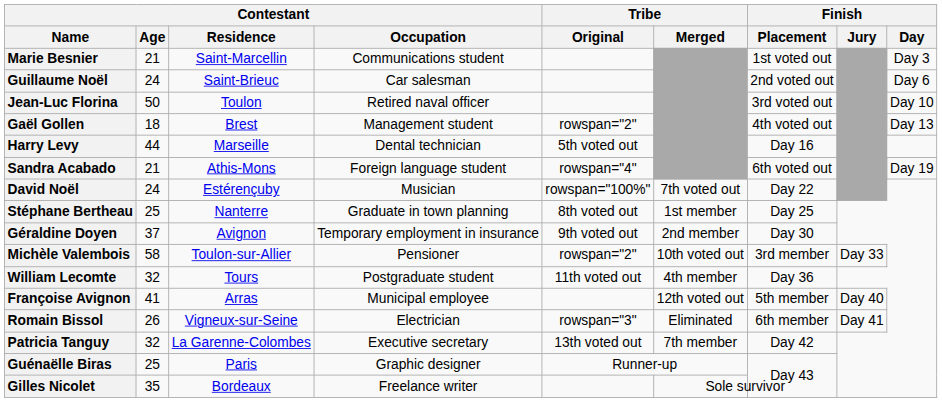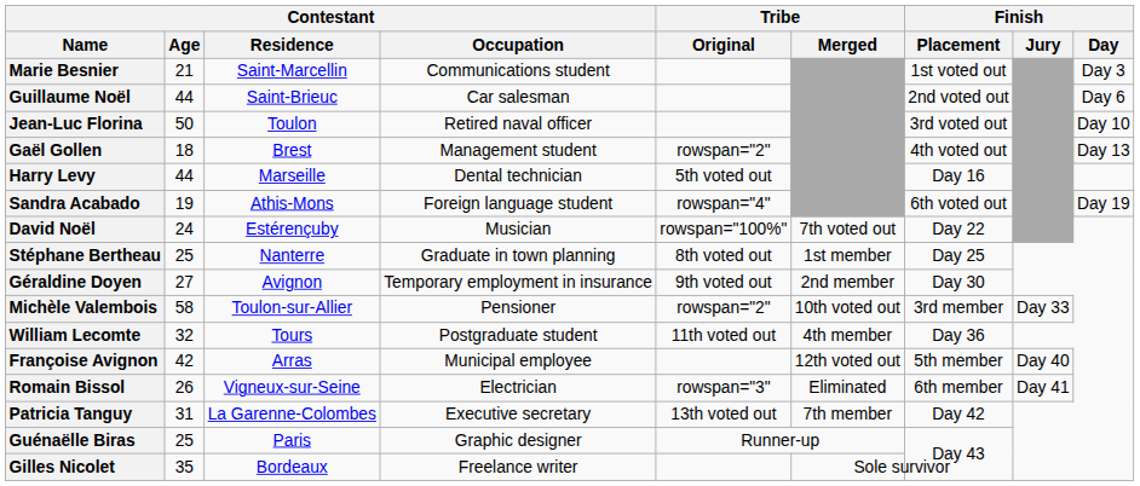 <table class="wikitable sortable" style="text-align:center;">
 <tr>
 <th colspan="4" scope="colgroup" class="unsortable">Contestant</th>
 <th colspan="2" scope="colgroup" class="unsortable">Tribe</th>
 <th colspan="3" scope="colgroup" class="unsortable">Finish</th>
 </tr>
 <tr>
 <th scope="col">Name</th>
 <th scope="col">Age</th>
 <th scope="col" class="unsortable">Residence</th>
 <th scope="col" class="unsortable">Occupation</th>
 <th scope="col">Original</th>
 <th class="unsortable">Merged</th>
 <th scope="col" class=unsortable>Placement</th>
 <th scope="col" class=unsortable>Jury</th>
 <th scope="col" class=unsortable>Day</th>
 </tr>
 <tr>
 <th scope="row" style="text-align:left;">Marie Besnier</th>
 <td>21</td>
 <td><a href='#'>Saint-Marcellin</a></td>
 <td>Communications student</td>
 <td></td>
 <td rowspan="6" style="background:darkgray; border:none;"></td>
 <td>1st voted out</td>
 <td rowspan="7" style="background:darkgray; border:none;"></td>
 <td>Day 3</td>
 </tr>
 <tr>
 <th scope="row" style="text-align:left;">Guillaume Noël</th>
-<td>24</td>
+<td>44</td>
 <td><a href='#'>Saint-Brieuc</a></td>
 <td>Car salesman</td>
 <td></td>
 <td>2nd voted out</td>
 <td>Day 6</td>
 </tr>
 <tr>
 <th scope="row" style="text-align:left;">Jean-Luc Florina</th>
 <td>50</td>
 <td><a href='#'>Toulon</a></td>
 <td>Retired naval officer</td>
 <td></td>
 <td>3rd voted out</td>
 <td>Day 10</td>
 </tr>
 <tr>
 <th scope="row" style="text-align:left;">Gaël Gollen</th>
 <td>18</td>
 <td><a href='#'>Brest</a></td>
 <td>Management student</td>
 <td>rowspan="2" </td>
 <td>4th voted out</td>
 <td>Day 13</td>
 </tr>
 <tr>
 <th scope="row" style="text-align:left;">Harry Levy</th>
 <td>44</td>
 <td><a href='#'>Marseille</a></td>
 <td>Dental technician</td>
 <td>5th voted out</td>
 <td>Day 16</td>
 </tr>
 <tr>
 <th scope="row" style="text-align:left;">Sandra Acabado</th>
-<td>21</td>
+<td>19</td>
 <td><a href='#'>Athis-Mons</a></td>
 <td>Foreign language student</td>
 <td>rowspan="4" </td>
 <td>6th voted out</td>
 <td>Day 19</td>
 </tr>
 <tr>
 <th scope="row" style="text-align:left;">David Noël</th>
 <td>24</td>
 <td><a href='#'>Estérençuby</a></td>
 <td>Musician</td>
 <td>rowspan="100%" </td>
 <td>7th voted out</td>
 <td>Day 22</td>
 </tr>
 <tr>
 <th scope="row" style="text-align:left;">Stéphane Bertheau</th>
 <td>25</td>
 <td><a href='#'>Nanterre</a></td>
 <td>Graduate in town planning</td>
 <td>8th voted out</td>
 <td>1st member</td>
 <td>Day 25</td>
 </tr>
 <tr>
 <th scope="row" style="text-align:left;">Géraldine Doyen</th>
-<td>37</td>
+<td>27</td>
 <td><a href='#'>Avignon</a></td>
 <td>Temporary employment in insurance</td>
 <td>9th voted out</td>
 <td>2nd member</td>
 <td>Day 30</td>
 </tr>
 <tr>
 <th scope="row" style="text-align:left;">Michèle Valembois</th>
 <td>58</td>
 <td><a href='#'>Toulon-sur-Allier</a></td>
 <td>Pensioner</td>
 <td>rowspan="2" </td>
 <td>10th voted out</td>
 <td>3rd member</td>
 <td>Day 33</td>
 </tr>
 <tr>
 <th scope="row" style="text-align:left;">William Lecomte</th>
 <td>32</td>
 <td><a href='#'>Tours</a></td>
 <td>Postgraduate student</td>
 <td>11th voted out</td>
 <td>4th member</td>
 <td>Day 36</td>
 </tr>
 <tr>
 <th scope="row" style="text-align:left;">Françoise Avignon</th>
-<td>41</td>
+<td>42</td>
 <td><a href='#'>Arras</a></td>
 <td>Municipal employee</td>
 <td></td>
 <td>12th voted out</td>
 <td>5th member</td>
 <td>Day 40</td>
 </tr>
 <tr>
 <th scope="row" style="text-align:left;">Romain Bissol</th>
 <td>26</td>
 <td><a href='#'>Vigneux-sur-Seine</a></td>
 <td>Electrician</td>
 <td>rowspan="3" </td>
 <td>Eliminated</td>
 <td>6th member</td>
 <td>Day 41</td>
 </tr>
 <tr>
 <th scope="row" style="text-align:left;">Patricia Tanguy</th>
-<td>32</td>
+<td>31</td>
 <td><a href='#'>La Garenne-Colombes</a></td>
 <td>Executive secretary</td>
 <td>13th voted out</td>
 <td>7th member</td>
 <td>Day 42</td>
 </tr>
 <tr>
 <th scope="row" style="text-align:left;">Guénaëlle Biras</th>
 <td>25</td>
 <td><a href='#'>Paris</a></td>
 <td>Graphic designer</td>
 <td colspan="2">Runner-up</td>
 <td rowspan="2">Day 43</td>
 </tr>
 <tr>
 <th scope="row" style="text-align:left;">Gilles Nicolet</th>
 <td>35</td>
 <td><a href='#'>Bordeaux</a></td>
 <td>Freelance writer</td>
 <td></td>
 <td colspan="2">Sole survivor</td>
 </tr>
 </table>
